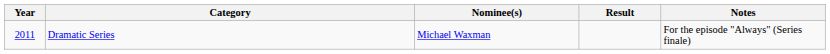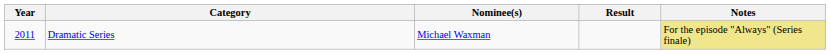 <table class="wikitable" width="100%" cellpadding="5">
 <tr>
 <th width="5%">Year</th>
 <th width="45%">Category</th>
 <th width="20%">Nominee(s)</th>
 <th width="10%">Result</th>
 <th width="20%">Notes</th>
 </tr>
 <tr>
 <td style="text-align:center;" rowspan="3"><a href='#'>2011</a></td>
 <td><a href='#'>Dramatic Series</a></td>
 <td><a href='#'>Michael Waxman</a></td>
 <td></td>
-<td>For the episode "Always" (Series finale)</td>
+<td style="background: khaki;">For the episode "Always" (Series finale)</td>
 </tr>
 </table>
